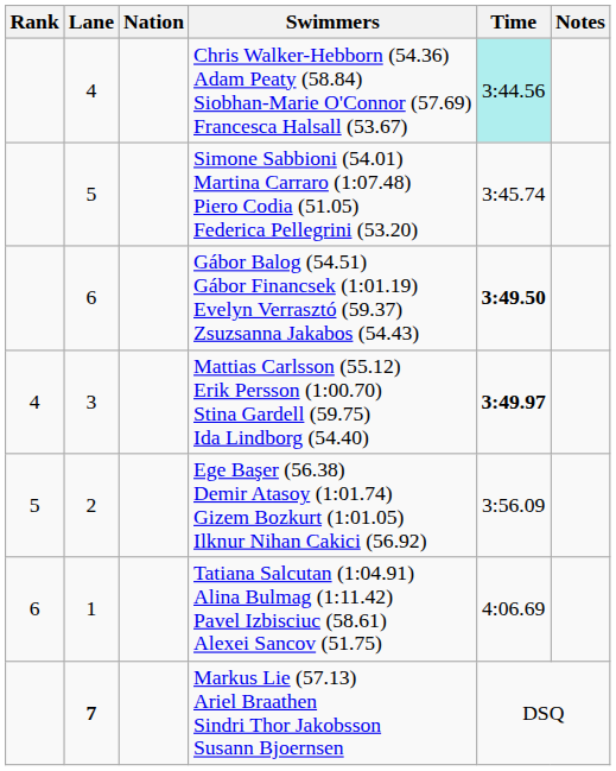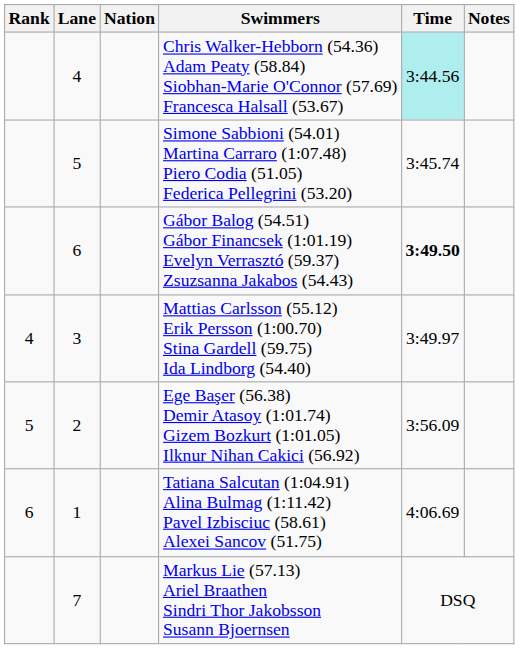 <table class="wikitable sortable" style="text-align:center">
 <tr>
 <th>Rank</th>
 <th>Lane</th>
 <th>Nation</th>
 <th>Swimmers</th>
 <th>Time</th>
 <th>Notes</th>
 </tr>
 <tr>
 <td></td>
 <td>4</td>
 <td align=left></td>
 <td align=left><a href='#'>Chris Walker-Hebborn</a> (54.36)<br><a href='#'>Adam Peaty</a> (58.84)<br><a href='#'>Siobhan-Marie O'Connor</a> (57.69)<br><a href='#'>Francesca Halsall</a> (53.67)</td>
 <td style="background: paleturquoise;">3:44.56</td>
 <td></td>
 </tr>
 <tr>
 <td></td>
 <td>5</td>
 <td align=left></td>
 <td align=left><a href='#'>Simone Sabbioni</a> (54.01)<br><a href='#'>Martina Carraro</a> (1:07.48)<br><a href='#'>Piero Codia</a> (51.05)<br><a href='#'>Federica Pellegrini</a> (53.20)</td>
 <td>3:45.74</td>
 <td></td>
 </tr>
 <tr>
 <td></td>
 <td>6</td>
 <td align=left></td>
 <td align=left><a href='#'>Gábor Balog</a> (54.51)<br><a href='#'>Gábor Financsek</a> (1:01.19)<br><a href='#'>Evelyn Verrasztó</a> (59.37)<br><a href='#'>Zsuzsanna Jakabos</a> (54.43)</td>
 <td><strong>3:49.50</strong></td>
 <td></td>
 </tr>
 <tr>
 <td>4</td>
 <td>3</td>
 <td align=left></td>
 <td align=left><a href='#'>Mattias Carlsson</a> (55.12)<br><a href='#'>Erik Persson</a> (1:00.70)<br><a href='#'>Stina Gardell</a> (59.75)<br><a href='#'>Ida Lindborg</a> (54.40)</td>
-<td><strong>3:49.97</strong></td>
+<td>3:49.97</td>
 <td></td>
 </tr>
 <tr>
 <td>5</td>
 <td>2</td>
 <td align=left></td>
 <td align=left><a href='#'>Ege Başer</a> (56.38)<br><a href='#'>Demir Atasoy</a> (1:01.74)<br><a href='#'>Gizem Bozkurt</a> (1:01.05)<br><a href='#'>Ilknur Nihan Cakici</a> (56.92)</td>
 <td>3:56.09</td>
 <td></td>
 </tr>
 <tr>
 <td>6</td>
 <td>1</td>
 <td align=left></td>
 <td align=left><a href='#'>Tatiana Salcutan</a> (1:04.91)<br><a href='#'>Alina Bulmag</a> (1:11.42)<br><a href='#'>Pavel Izbisciuc</a> (58.61)<br><a href='#'>Alexei Sancov</a> (51.75)</td>
 <td>4:06.69</td>
 <td></td>
 </tr>
 <tr>
 <td></td>
-<td><strong>7</strong></td>
+<td>7</td>
 <td align=left></td>
 <td align=left><a href='#'>Markus Lie</a> (57.13)<br><a href='#'>Ariel Braathen</a> <br><a href='#'>Sindri Thor Jakobsson</a> <br><a href='#'>Susann Bjoernsen</a></td>
 <td colspan=2>DSQ</td>
 </tr>
 </table>
